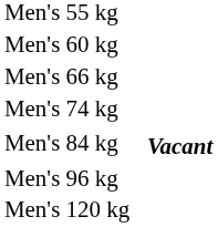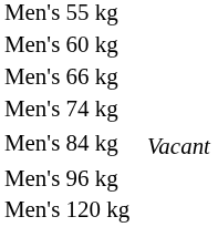 <table>
 <tr>
 <td rowspan=2>Men's 55 kg<br></td>
 <td rowspan=2></td>
 <td rowspan=2></td>
 <td></td>
 </tr>
 <tr>
 <td></td>
 </tr>
 <tr>
 <td rowspan=2>Men's 60 kg<br></td>
 <td rowspan=2></td>
 <td rowspan=2></td>
 <td></td>
 </tr>
 <tr>
 <td></td>
 </tr>
 <tr>
 <td rowspan=2>Men's 66 kg<br></td>
 <td rowspan=2></td>
 <td rowspan=2></td>
 <td></td>
 </tr>
 <tr>
 <td></td>
 </tr>
 <tr>
 <td rowspan=2>Men's 74 kg<br></td>
 <td rowspan=2></td>
 <td rowspan=2></td>
 <td></td>
 </tr>
 <tr>
 <td></td>
 </tr>
 <tr>
 <td rowspan=2>Men's 84 kg<br></td>
 <td rowspan=2></td>
 <td rowspan=2></td>
 <td></td>
 </tr>
 <tr>
-<td><strong><em>Vacant</em> </strong></td>
+<td><em>Vacant</em> </td>
 </tr>
 <tr>
 <td rowspan=2>Men's 96 kg<br></td>
 <td rowspan=2></td>
 <td rowspan=2></td>
 <td></td>
 </tr>
 <tr>
 <td></td>
 </tr>
 <tr>
 <td rowspan=2>Men's 120 kg<br></td>
 <td rowspan=2></td>
 <td rowspan=2></td>
 <td></td>
 </tr>
 <tr>
 <td></td>
 </tr>
 </table>
